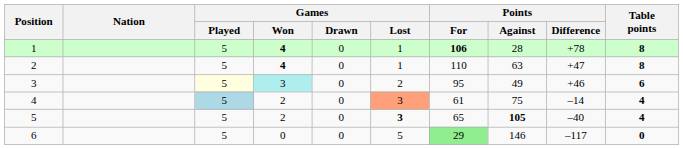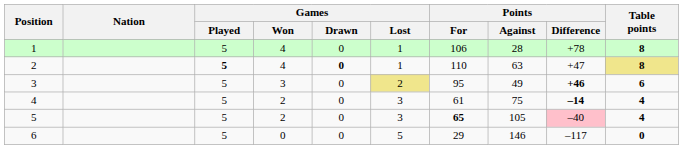 <table class="wikitable" style="text-align:center">
 <tr>
 <th rowspan=2 width="8%">Position</th>
 <th rowspan=2 width="18%">Nation</th>
 <th colspan=4 width="32%">Games</th>
 <th colspan=3 width="24%">Points</th>
 <th rowspan=2 width="10%">Table<br>points</th>
 </tr>
 <tr>
 <th width="8%">Played</th>
 <th width="8%">Won</th>
 <th width="8%">Drawn</th>
 <th width="8%">Lost</th>
 <th width="8%">For</th>
 <th width="8%">Against</th>
 <th width="8%">Difference</th>
 </tr>
 <tr bgcolor=#ccffcc>
 <td>1</td>
 <td align=left></td>
 <td>5</td>
-<td><strong>4</strong></td>
+<td>4</td>
 <td>0</td>
 <td>1</td>
-<td><strong>106</strong></td>
+<td>106</td>
 <td>28</td>
 <td>+78</td>
 <td><strong>8</strong></td>
 </tr>
 <tr>
 <td>2</td>
 <td align=left></td>
-<td>5</td>
-<td><strong>4</strong></td>
-<td>0</td>
+<td><strong>5</strong></td>
+<td>4</td>
+<td><strong>0</strong></td>
 <td>1</td>
 <td>110</td>
 <td>63</td>
 <td>+47</td>
-<td><strong>8</strong></td>
+<td style="background: khaki;"><strong>8</strong></td>
 </tr>
 <tr>
 <td>3</td>
 <td align=left></td>
-<td style="background: lightyellow;">5</td>
-<td style="background: paleturquoise;">3</td>
+<td>5</td>
+<td>3</td>
 <td>0</td>
-<td>2</td>
+<td style="background: khaki;">2</td>
 <td>95</td>
 <td>49</td>
-<td>+46</td>
+<td><strong>+46</strong></td>
 <td><strong>6</strong></td>
 </tr>
 <tr>
 <td>4</td>
 <td align=left></td>
-<td style="background: lightblue;">5</td>
+<td>5</td>
 <td>2</td>
 <td>0</td>
-<td style="background: lightsalmon;">3</td>
+<td>3</td>
 <td>61</td>
 <td>75</td>
-<td>–14</td>
+<td><strong>–14</strong></td>
 <td><strong>4</strong></td>
 </tr>
 <tr>
 <td>5</td>
 <td align=left></td>
 <td>5</td>
 <td>2</td>
 <td>0</td>
-<td><strong>3</strong></td>
-<td>65</td>
-<td><strong>105</strong></td>
-<td>–40</td>
+<td>3</td>
+<td><strong>65</strong></td>
+<td>105</td>
+<td style="background: pink;">–40</td>
 <td><strong>4</strong></td>
 </tr>
 <tr>
 <td>6</td>
 <td align=left></td>
 <td>5</td>
 <td>0</td>
 <td>0</td>
 <td>5</td>
-<td style="background: lightgreen;">29</td>
+<td>29</td>
 <td>146</td>
 <td>–117</td>
 <td><strong>0</strong></td>
 </tr>
 </table>
